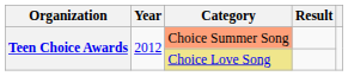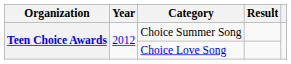 <table class="wikitable sortable plainrowheaders" style="border:none; margin:0;">
 <tr>
 <th scope="col">Organization</th>
 <th scope="col">Year</th>
 <th scope="col">Category</th>
 <th scope="col">Result</th>
 <th class="unsortable" scope="col"></th>
 </tr>
 <tr>
 <th rowspan="2" scope="row"><a href='#'>Teen Choice Awards</a></th>
 <td rowspan="2"><a href='#'>2012</a></td>
-<td style="background: lightsalmon;">Choice Summer Song</td>
+<td>Choice Summer Song</td>
 <td></td>
 <td rowspan="2"></td>
 </tr>
 <tr>
-<td style="background: khaki;"><a href='#'>Choice Love Song</a></td>
+<td><a href='#'>Choice Love Song</a></td>
 <td></td>
 </tr>
 </table>
